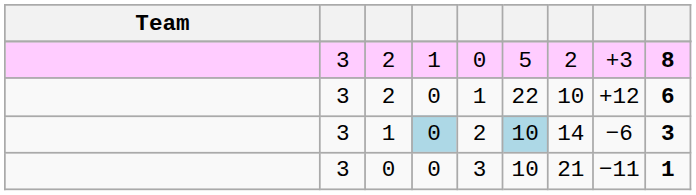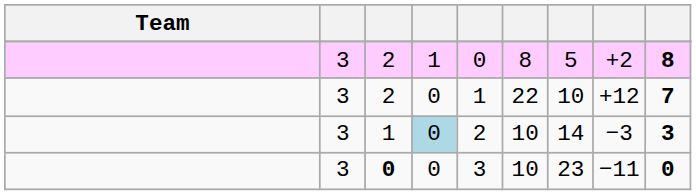 <table class="wikitable" style="text-align: center;">
 <tr>
 <th style="width:175px;">Team</th>
 <th width="20"></th>
 <th width="20"></th>
 <th width="20"></th>
 <th width="20"></th>
 <th width="20"></th>
 <th width="20"></th>
 <th width="20"></th>
 <th width="20"></th>
 </tr>
 <tr>
 </tr>
 <tr style="background:#fcf;">
 <td align=left></td>
 <td>3</td>
 <td>2</td>
 <td>1</td>
 <td>0</td>
+<td>8</td>
 <td>5</td>
-<td>2</td>
-<td>+3</td>
+<td>+2</td>
 <td><strong>8</strong></td>
 </tr>
 <tr>
 <td align=left></td>
 <td>3</td>
 <td>2</td>
 <td>0</td>
 <td>1</td>
 <td>22</td>
 <td>10</td>
 <td>+12</td>
-<td><strong>6</strong></td>
+<td><strong>7</strong></td>
 </tr>
 <tr>
 <td align=left></td>
 <td>3</td>
 <td>1</td>
 <td style="background: lightblue;">0</td>
 <td>2</td>
-<td style="background: lightblue;">10</td>
+<td>10</td>
 <td>14</td>
-<td>−6</td>
+<td>−3</td>
 <td><strong>3</strong></td>
 </tr>
 <tr>
 <td align=left></td>
 <td>3</td>
-<td>0</td>
+<td><strong>0</strong></td>
 <td>0</td>
 <td>3</td>
 <td>10</td>
-<td>21</td>
+<td>23</td>
 <td>−11</td>
-<td><strong>1</strong></td>
+<td><strong>0</strong></td>
 </tr>
 </table>
